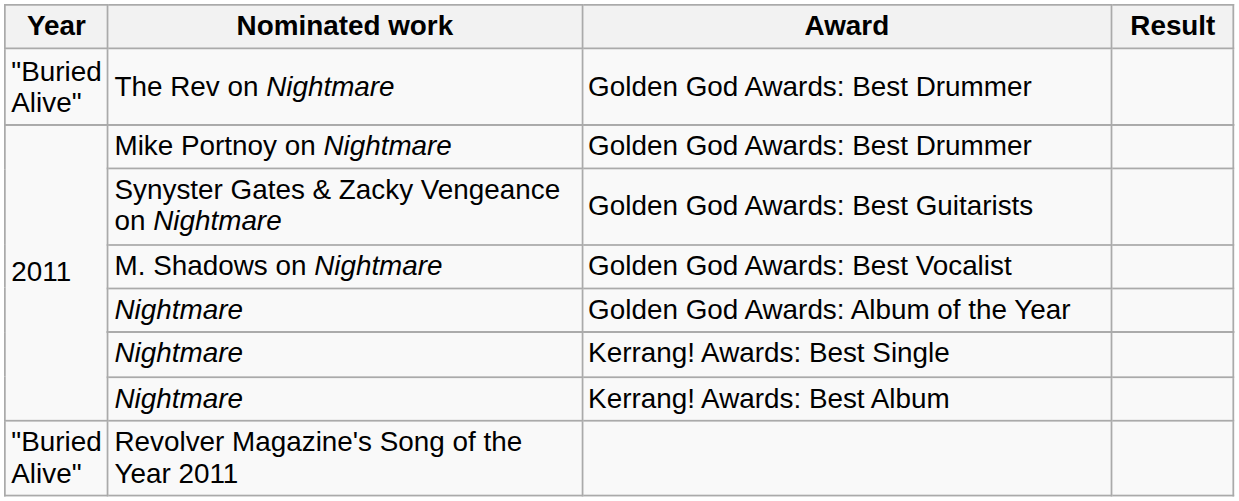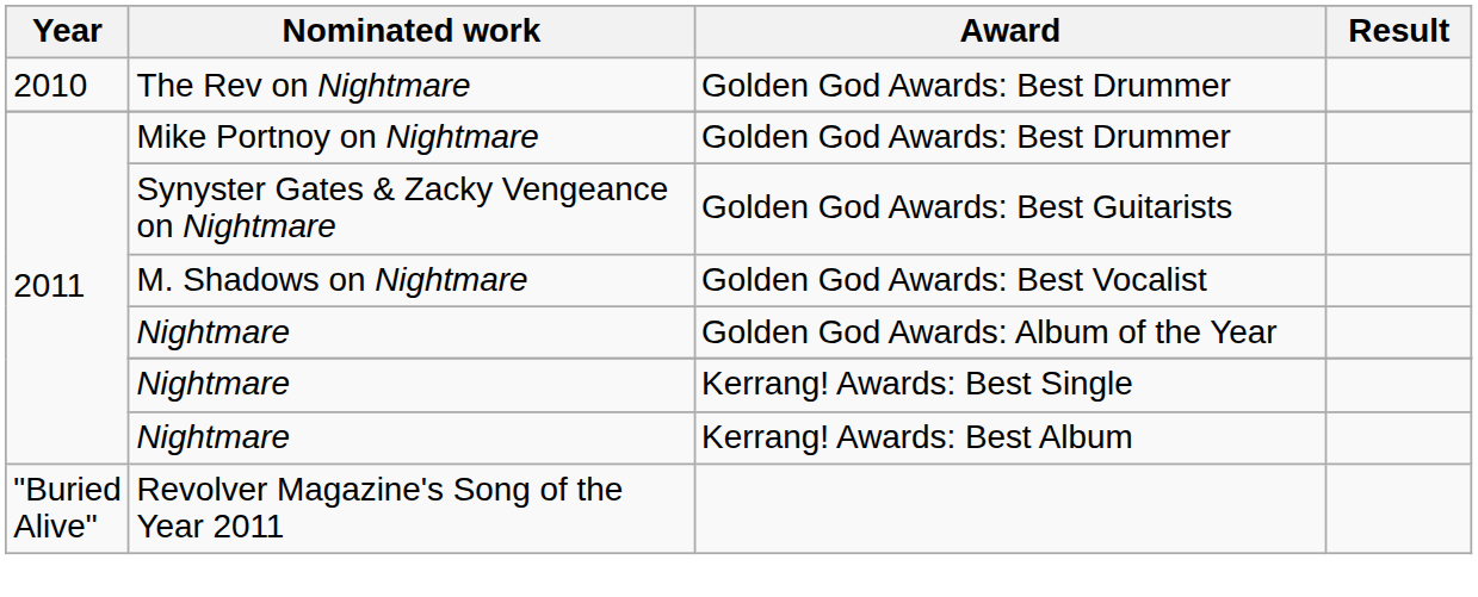 <table class="wikitable" style="width:80%;">
 <tr>
 <th style="width:5%;">Year</th>
 <th style="width:40%;">Nominated work</th>
 <th style="width:45%;">Award</th>
 <th style="width:10%;">Result</th>
 </tr>
 <tr>
-<td>"Buried Alive"</td>
+<td rowspan="1">2010</td>
 <td>The Rev on <em>Nightmare</em></td>
 <td>Golden God Awards: Best Drummer</td>
 <td></td>
 </tr>
 <tr>
 </tr>
 <tr>
 <td rowspan="7">2011</td>
 <td>Mike Portnoy on <em>Nightmare</em></td>
 <td>Golden God Awards: Best Drummer</td>
 <td></td>
 </tr>
 <tr>
 <td>Synyster Gates & Zacky Vengeance on <em>Nightmare</em></td>
 <td>Golden God Awards: Best Guitarists</td>
 <td></td>
 </tr>
 <tr>
 <td>M. Shadows on <em>Nightmare</em></td>
 <td>Golden God Awards: Best Vocalist</td>
 <td></td>
 </tr>
 <tr>
 <td><em>Nightmare</em></td>
 <td>Golden God Awards: Album of the Year</td>
 <td></td>
 </tr>
 <tr>
 </tr>
 <tr>
 <td><em>Nightmare</em></td>
 <td>Kerrang! Awards: Best Single</td>
 <td></td>
 </tr>
 <tr>
 <td><em>Nightmare</em></td>
 <td>Kerrang! Awards: Best Album</td>
 <td></td>
 </tr>
 <tr>
 <td>"Buried Alive"</td>
 <td>Revolver Magazine's Song of the Year 2011</td>
 <td></td>
 </tr>
 </table>
